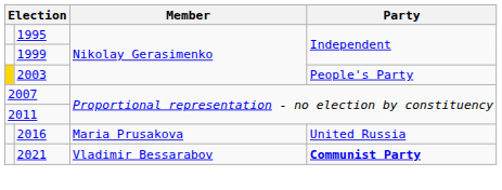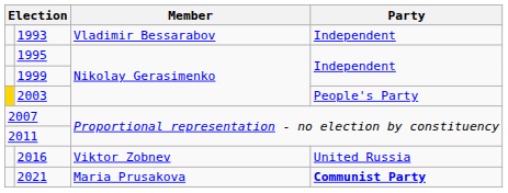 <table class="wikitable">
 <tr>
 <th colspan="2">Election</th>
 <th>Member</th>
 <th>Party</th>
+</tr>
+<tr>
+<td style="background-color:"></td>
+<td><a href='#'>1993</a></td>
+<td><a href='#'>Vladimir Bessarabov</a></td>
+<td><a href='#'>Independent</a></td>
 </tr>
 <tr>
 <td style="background-color:"></td>
 <td><a href='#'>1995</a></td>
 <td rowspan=3><a href='#'>Nikolay Gerasimenko</a></td>
 <td rowspan=2><a href='#'>Independent</a></td>
 </tr>
 <tr>
 <td style="background-color:"></td>
 <td><a href='#'>1999</a></td>
 </tr>
 <tr>
 <td style="background-color:#FFD700"></td>
 <td><a href='#'>2003</a></td>
 <td><a href='#'>People's Party</a></td>
 </tr>
 <tr>
 <td colspan=2><a href='#'>2007</a></td>
 <td colspan=2 rowspan=2><em><a href='#'>Proportional representation</a> - no election by constituency</em></td>
 </tr>
 <tr>
 <td colspan=2><a href='#'>2011</a></td>
 </tr>
 <tr>
 <td style="background-color: "></td>
 <td><a href='#'>2016</a></td>
-<td><a href='#'>Maria Prusakova</a></td>
+<td><a href='#'>Viktor Zobnev</a></td>
 <td><a href='#'>United Russia</a></td>
 </tr>
 <tr>
 <td style="background-color: "></td>
 <td><a href='#'>2021</a></td>
-<td><a href='#'>Vladimir Bessarabov</a></td>
+<td><a href='#'>Maria Prusakova</a></td>
 <td><strong><a href='#'>Communist Party</a></strong></td>
 </tr>
 </table>
